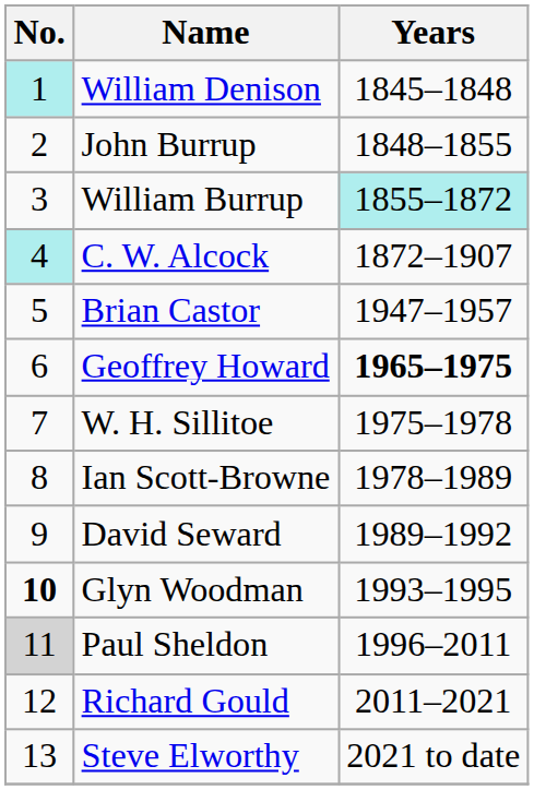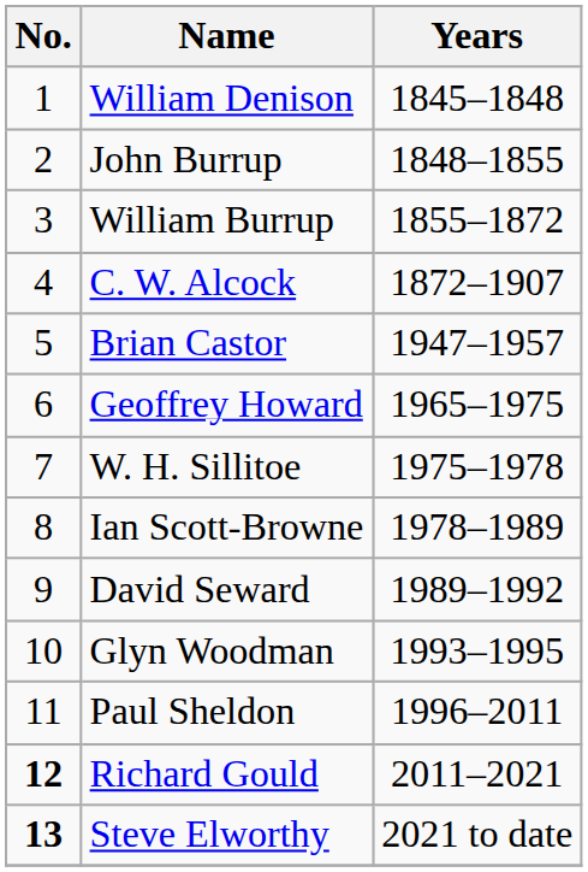 <table class="wikitable" style="text-align: center;">
 <tr>
 <th>No.</th>
 <th>Name</th>
 <th>Years</th>
 </tr>
 <tr>
-<td style="background: paleturquoise;">1</td>
+<td>1</td>
 <td align="left"><a href='#'>William Denison</a></td>
 <td>1845–1848</td>
 </tr>
 <tr>
 <td>2</td>
 <td align="left">John Burrup</td>
 <td>1848–1855</td>
 </tr>
 <tr>
 <td>3</td>
 <td align="left">William Burrup</td>
-<td style="background: paleturquoise;">1855–1872</td>
+<td>1855–1872</td>
 </tr>
 <tr>
-<td style="background: paleturquoise;">4</td>
+<td>4</td>
 <td align="left"><a href='#'>C. W. Alcock</a></td>
 <td>1872–1907</td>
 </tr>
 <tr>
 <td>5</td>
 <td align="left"><a href='#'>Brian Castor</a></td>
 <td>1947–1957</td>
 </tr>
 <tr>
 <td>6</td>
 <td align="left"><a href='#'>Geoffrey Howard</a></td>
-<td><strong>1965–1975</strong></td>
+<td>1965–1975</td>
 </tr>
 <tr>
 <td>7</td>
 <td align="left">W. H. Sillitoe</td>
 <td>1975–1978</td>
 </tr>
 <tr>
 <td>8</td>
 <td align="left">Ian Scott-Browne</td>
 <td>1978–1989</td>
 </tr>
 <tr>
 <td>9</td>
 <td align="left">David Seward</td>
 <td>1989–1992</td>
 </tr>
 <tr>
-<td><strong>10</strong></td>
+<td>10</td>
 <td align="left">Glyn Woodman</td>
 <td>1993–1995</td>
 </tr>
 <tr>
-<td style="background: lightgrey;">11</td>
+<td>11</td>
 <td align="left">Paul Sheldon</td>
 <td>1996–2011</td>
 </tr>
 <tr>
-<td>12</td>
+<td><strong>12</strong></td>
 <td align="left"><a href='#'>Richard Gould</a></td>
 <td>2011–2021</td>
 </tr>
 <tr>
-<td>13</td>
+<td><strong>13</strong></td>
 <td align="left"><a href='#'>Steve Elworthy</a></td>
 <td>2021 to date</td>
 </tr>
 <tr>
 </tr>
 </table>
